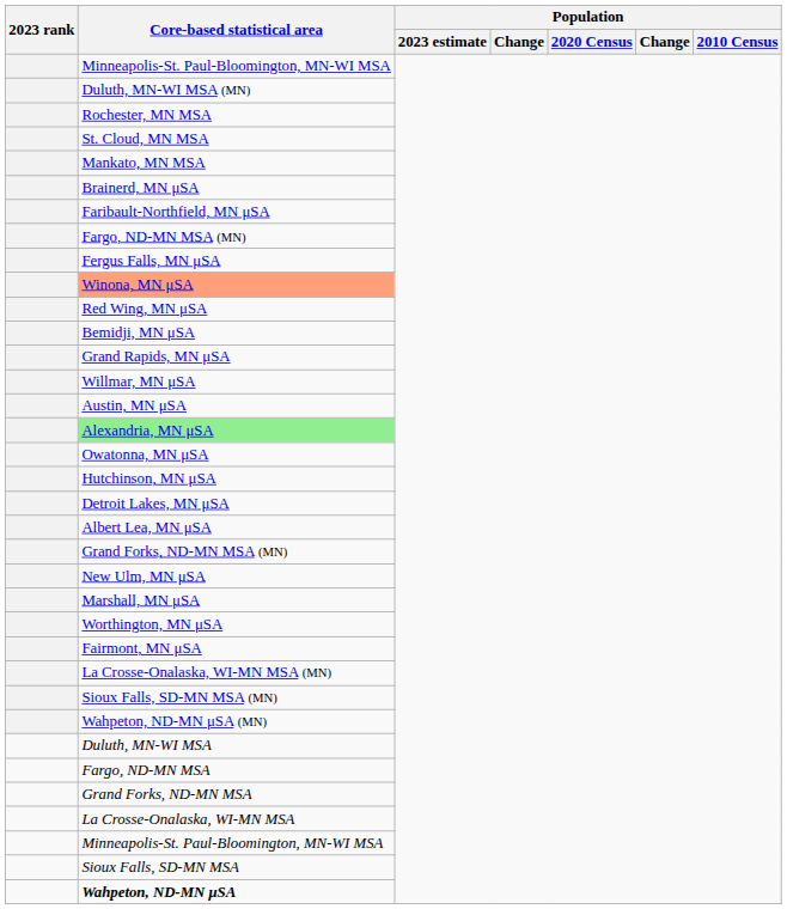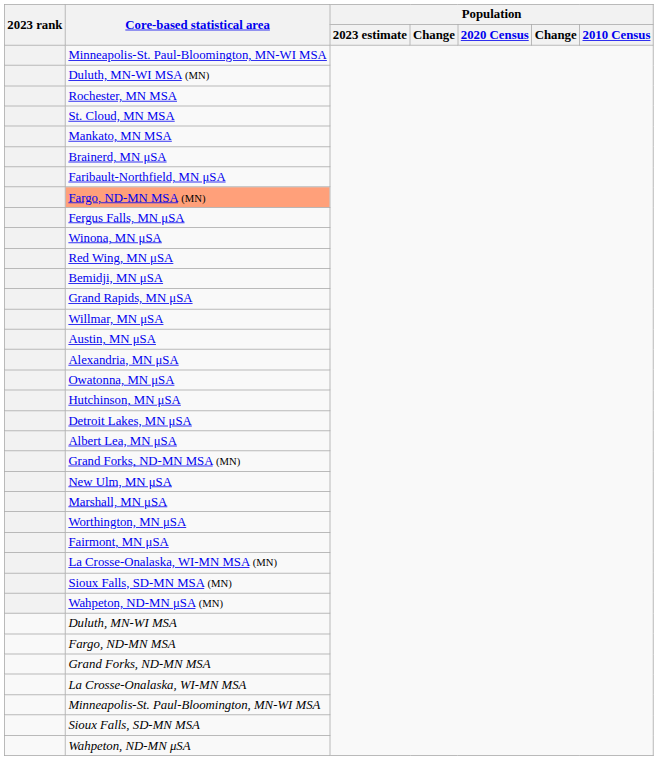 <table class="wikitable sortable">
 <tr>
 <th scope=col rowspan=2>2023 rank</th>
 <th scope=col rowspan=2><a href='#'>Core-based statistical area</a></th>
 <th colspan=5>Population</th>
 </tr>
 <tr>
 <th scope=col>2023 estimate</th>
 <th scope=col>Change</th>
 <th scope=col><a href='#'>2020 Census</a></th>
 <th scope=col>Change</th>
 <th scope=col><a href='#'>2010 Census</a></th>
 </tr>
 <tr>
 <th scope=row></th>
 <td><a href='#'>Minneapolis-St. Paul-Bloomington, MN-WI MSA</a><br></td>
 </tr>
 <tr>
 <th scope=row></th>
 <td><a href='#'>Duluth, MN-WI MSA</a> <small>(MN)</small><br></td>
 </tr>
 <tr>
 <th scope=row></th>
 <td><a href='#'>Rochester, MN MSA</a><br></td>
 </tr>
 <tr>
 <th scope=row></th>
 <td><a href='#'>St. Cloud, MN MSA</a><br></td>
 </tr>
 <tr>
 <th scope=row></th>
 <td><a href='#'>Mankato, MN MSA</a><br></td>
 </tr>
 <tr>
 <th scope=row></th>
 <td><a href='#'>Brainerd, MN μSA</a><br></td>
 </tr>
 <tr>
 <th scope=row></th>
 <td><a href='#'>Faribault-Northfield, MN μSA</a><br></td>
 </tr>
 <tr>
 <th scope=row></th>
-<td><a href='#'>Fargo, ND-MN MSA</a> <small>(MN)</small><br></td>
+<td style="background: lightsalmon;"><a href='#'>Fargo, ND-MN MSA</a> <small>(MN)</small><br></td>
 </tr>
 <tr>
 <th scope=row></th>
 <td><a href='#'>Fergus Falls, MN μSA</a><br></td>
 </tr>
 <tr>
 <th scope=row></th>
-<td style="background: lightsalmon;"><a href='#'>Winona, MN μSA</a><br></td>
+<td><a href='#'>Winona, MN μSA</a><br></td>
 </tr>
 <tr>
 <th scope=row></th>
 <td><a href='#'>Red Wing, MN μSA</a><br></td>
 </tr>
 <tr>
 <th scope=row></th>
 <td><a href='#'>Bemidji, MN μSA</a><br></td>
 </tr>
 <tr>
 <th scope=row></th>
 <td><a href='#'>Grand Rapids, MN μSA</a><br></td>
 </tr>
 <tr>
 <th scope=row></th>
 <td><a href='#'>Willmar, MN μSA</a><br></td>
 </tr>
 <tr>
 <th scope=row></th>
 <td><a href='#'>Austin, MN μSA</a><br></td>
 </tr>
 <tr>
 <th scope=row></th>
-<td style="background: lightgreen;"><a href='#'>Alexandria, MN μSA</a><br></td>
+<td><a href='#'>Alexandria, MN μSA</a><br></td>
 </tr>
 <tr>
 <th scope=row></th>
 <td><a href='#'>Owatonna, MN μSA</a><br></td>
 </tr>
 <tr>
 <th scope=row></th>
 <td><a href='#'>Hutchinson, MN μSA</a><br></td>
 </tr>
 <tr>
 <th scope=row></th>
 <td><a href='#'>Detroit Lakes, MN μSA</a><br></td>
 </tr>
 <tr>
 <th scope=row></th>
 <td><a href='#'>Albert Lea, MN μSA</a><br></td>
 </tr>
 <tr>
 <th scope=row></th>
 <td><a href='#'>Grand Forks, ND-MN MSA</a> <small>(MN)</small><br></td>
 </tr>
 <tr>
 <th scope=row></th>
 <td><a href='#'>New Ulm, MN μSA</a><br></td>
 </tr>
 <tr>
 <th scope=row></th>
 <td><a href='#'>Marshall, MN μSA</a><br></td>
 </tr>
 <tr>
 <th scope=row></th>
 <td><a href='#'>Worthington, MN μSA</a><br></td>
 </tr>
 <tr>
 <th scope=row></th>
 <td><a href='#'>Fairmont, MN μSA</a><br></td>
 </tr>
 <tr>
 <th scope=row></th>
 <td><a href='#'>La Crosse-Onalaska, WI-MN MSA</a> <small>(MN)</small><br></td>
 </tr>
 <tr>
 <th scope=row></th>
 <td><a href='#'>Sioux Falls, SD-MN MSA</a> <small>(MN)</small><br></td>
 </tr>
 <tr>
 <th scope=row></th>
 <td><a href='#'>Wahpeton, ND-MN μSA</a> <small>(MN)</small><br></td>
 </tr>
 <tr>
 <td></td>
 <td><em><span>Duluth, MN-WI MSA</span></em><br></td>
 </tr>
 <tr>
 <td></td>
 <td><em><span>Fargo, ND-MN MSA</span></em><br></td>
 </tr>
 <tr>
 <td></td>
 <td><em><span>Grand Forks, ND-MN MSA</span></em><br></td>
 </tr>
 <tr>
 <td></td>
 <td><em><span>La Crosse-Onalaska, WI-MN MSA</span></em><br></td>
 </tr>
 <tr>
 <td></td>
 <td><em><span>Minneapolis-St. Paul-Bloomington, MN-WI MSA</span></em><br></td>
 </tr>
 <tr>
 <td></td>
 <td><em><span>Sioux Falls, SD-MN MSA</span></em><br></td>
 </tr>
 <tr>
 <td></td>
-<td><strong><em><span>Wahpeton, ND-MN μSA</span></em><br></strong></td>
+<td><em><span>Wahpeton, ND-MN μSA</span></em><br></td>
 </tr>
 </table>
